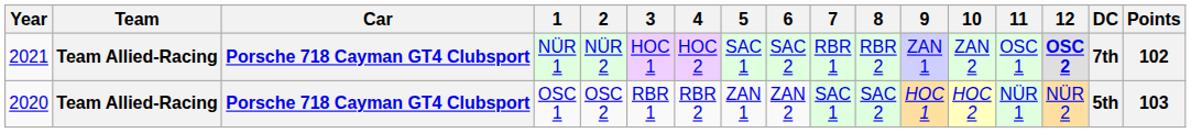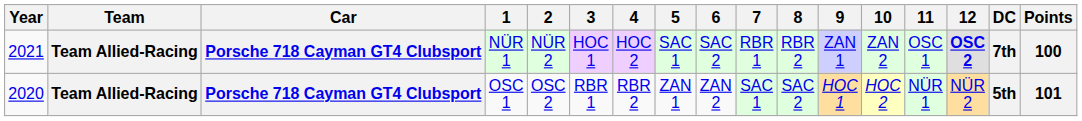 <table class="wikitable" style="text-align:center; font-size:90%">
 <tr>
 <th>Year</th>
 <th>Team</th>
 <th>Car</th>
 <th>1</th>
 <th>2</th>
 <th>3</th>
 <th>4</th>
 <th>5</th>
 <th>6</th>
 <th>7</th>
 <th>8</th>
 <th>9</th>
 <th>10</th>
 <th>11</th>
 <th>12</th>
 <th>DC</th>
 <th>Points</th>
 </tr>
 <tr>
 <td><a href='#'>2021</a></td>
 <th>Team Allied-Racing</th>
 <th><a href='#'>Porsche 718 Cayman GT4 Clubsport</a></th>
 <td style="background:#DFFFDF;"><a href='#'>NÜR<br>1</a><br></td>
 <td style="background:#DFFFDF;"><a href='#'>NÜR<br>2</a><br></td>
 <td style="background:#EFCFFF;"><a href='#'>HOC<br>1</a><br></td>
 <td style="background:#EFCFFF;"><a href='#'>HOC<br>2</a><br></td>
 <td style="background:#DFFFDF;"><a href='#'>SAC<br>1</a><br></td>
 <td style="background:#DFFFDF;"><a href='#'>SAC<br>2</a><br></td>
 <td style="background:#DFFFDF;"><a href='#'>RBR<br>1</a><br></td>
 <td style="background:#DFFFDF;"><a href='#'>RBR<br>2</a><br></td>
 <td style="background:#CFCFFF;"><a href='#'>ZAN<br>1</a><br></td>
 <td style="background:#DFFFDF;"><a href='#'>ZAN<br>2</a><br></td>
 <td style="background:#DFFFDF;"><a href='#'>OSC<br>1</a><br></td>
 <td style="background:#DFDFDF;"><strong><a href='#'>OSC<br>2</a><br></strong></td>
 <th>7th</th>
-<th>102</th>
+<th>100</th>
 </tr>
 <tr>
 <td><a href='#'>2020</a></td>
 <th>Team Allied-Racing</th>
 <th><a href='#'>Porsche 718 Cayman GT4 Clubsport</a></th>
 <td style="background:#;"><a href='#'>OSC<br>1</a><br></td>
 <td style="background:#"><a href='#'>OSC<br>2</a><br></td>
 <td style="background:#;"><a href='#'>RBR<br>1</a><br></td>
 <td style="background:#;"><a href='#'>RBR<br>2</a><br></td>
 <td style="background:#;"><a href='#'>ZAN<br>1</a><br></td>
 <td style="background:#;"><a href='#'>ZAN<br>2</a><br></td>
 <td style="background:#DFFFDF;"><a href='#'>SAC<br>1</a><br></td>
 <td style="background:#DFFFDF;"><a href='#'>SAC<br>2</a><br></td>
 <td style="background:#FFDF9F;"><em><a href='#'>HOC<br>1</a></em><br></td>
 <td style="background:#FFFFBF;"><em><a href='#'>HOC<br>2</a></em><br></td>
 <td style="background:#DFFFDF;"><a href='#'>NÜR<br>1</a><br></td>
 <td style="background:#FFDF9F;"><a href='#'>NÜR<br>2</a><br></td>
 <th>5th</th>
-<th>103</th>
+<th>101</th>
 </tr>
 </table>
